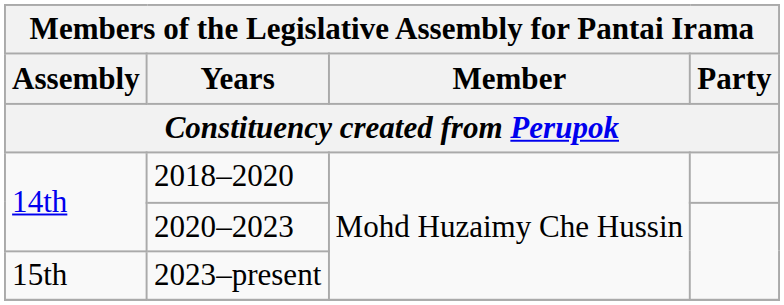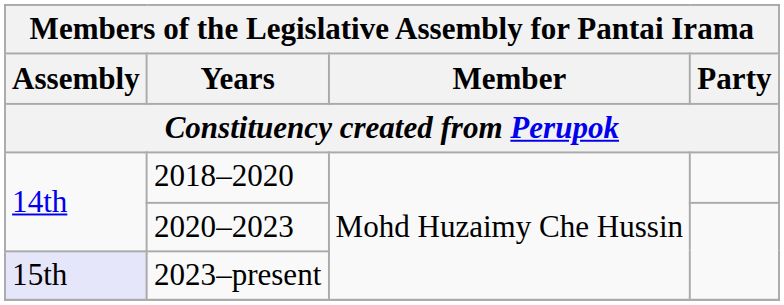 <table class=wikitable>
 <tr>
 <th colspan=4>Members of the Legislative Assembly for Pantai Irama</th>
 </tr>
 <tr>
 <th>Assembly</th>
 <th>Years</th>
 <th>Member</th>
 <th>Party</th>
 </tr>
 <tr>
 <th colspan=4 align=center><em>Constituency created from <a href='#'>Perupok</a></em></th>
 </tr>
 <tr>
 <td rowspan="2"><a href='#'>14th</a></td>
 <td>2018–2020</td>
 <td rowspan="3">Mohd Huzaimy Che Hussin</td>
 <td></td>
 </tr>
 <tr>
 <td>2020–2023</td>
 <td rowspan="2"></td>
 </tr>
 <tr>
-<td>15th</td>
+<td style="background: lavender;">15th</td>
 <td>2023–present</td>
 </tr>
 <tr>
 </tr>
 </table>
